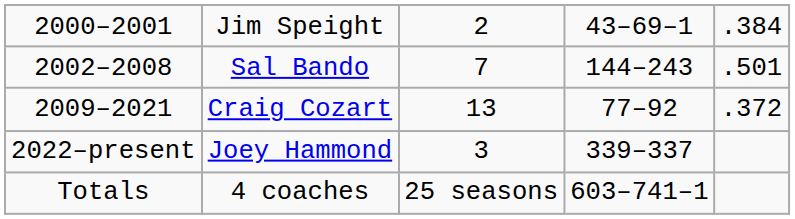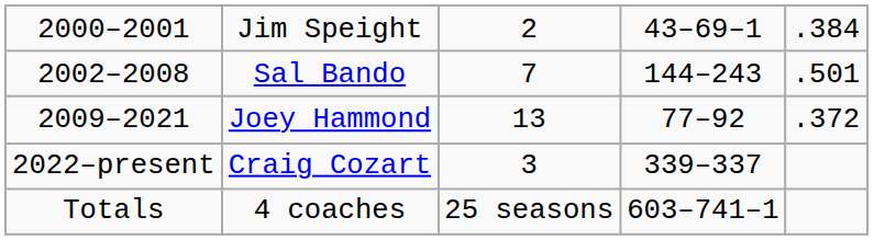 <table class="wikitable" style="text-align:center">
 <tr>
 <td>2000–2001</td>
 <td>Jim Speight</td>
 <td>2</td>
 <td>43–69–1</td>
 <td>.384</td>
 </tr>
 <tr>
 <td>2002–2008</td>
 <td><a href='#'>Sal Bando</a></td>
 <td>7</td>
 <td>144–243</td>
 <td>.501</td>
 </tr>
 <tr>
 <td>2009–2021</td>
-<td><a href='#'>Craig Cozart</a></td>
+<td><a href='#'>Joey Hammond</a></td>
 <td>13</td>
 <td>77–92</td>
 <td>.372</td>
 </tr>
 <tr>
 <td>2022–present</td>
-<td><a href='#'>Joey Hammond</a></td>
+<td><a href='#'>Craig Cozart</a></td>
 <td>3</td>
 <td>339–337</td>
 <td></td>
 </tr>
 <tr class="sortbottom">
 <td>Totals</td>
 <td>4 coaches</td>
 <td>25 seasons</td>
 <td>603–741–1</td>
 <td></td>
 </tr>
 </table>
